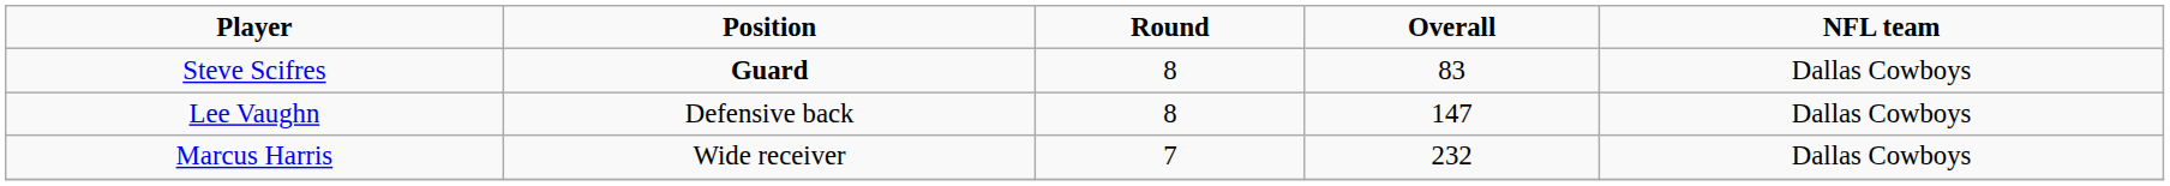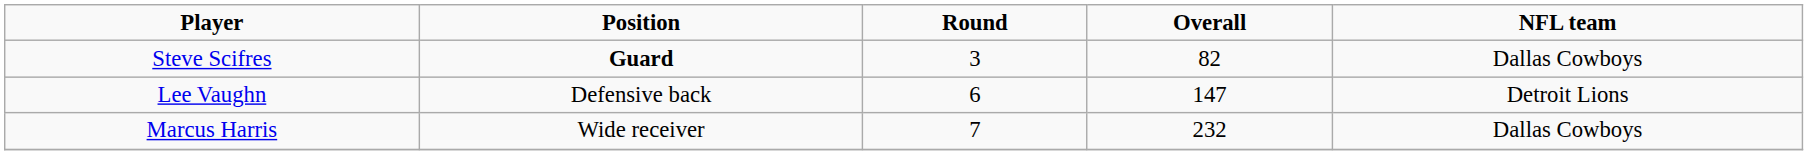 <table class="wikitable" width="80%">
 <tr align="center">
 <td><strong>Player</strong></td>
 <td><strong>Position</strong></td>
 <td><strong>Round</strong></td>
 <td><strong>Overall</strong></td>
 <td><strong>NFL team</strong></td>
 </tr>
 <tr align="center" bgcolor="">
 <td><a href='#'>Steve Scifres</a></td>
 <td><strong>Guard</strong></td>
-<td>8</td>
-<td>83</td>
+<td>3</td>
+<td>82</td>
 <td>Dallas Cowboys</td>
 </tr>
 <tr align="center" bgcolor="">
 <td><a href='#'>Lee Vaughn</a></td>
 <td>Defensive back</td>
-<td>8</td>
+<td>6</td>
 <td>147</td>
-<td>Dallas Cowboys</td>
+<td>Detroit Lions</td>
 </tr>
 <tr align="center" bgcolor="">
 <td><a href='#'>Marcus Harris</a></td>
 <td>Wide receiver</td>
 <td>7</td>
 <td>232</td>
 <td>Dallas Cowboys</td>
 </tr>
 <tr align="center" bgcolor="">
 </tr>
 </table>
